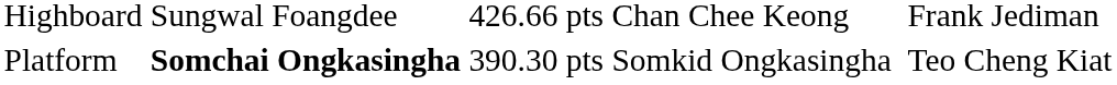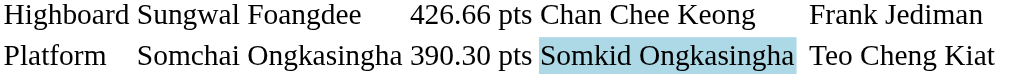 <table>
 <tr>
 <td>Highboard</td>
 <td> Sungwal Foangdee</td>
 <td>426.66 pts</td>
 <td> Chan Chee Keong</td>
 <td></td>
 <td> Frank Jediman</td>
 <td></td>
 </tr>
 <tr>
 <td>Platform</td>
-<td><strong> Somchai Ongkasingha</strong></td>
+<td> Somchai Ongkasingha</td>
 <td>390.30 pts</td>
-<td> Somkid Ongkasingha</td>
+<td style="background: lightblue;"> Somkid Ongkasingha</td>
 <td></td>
 <td> Teo Cheng Kiat</td>
 <td></td>
 </tr>
 </table>
